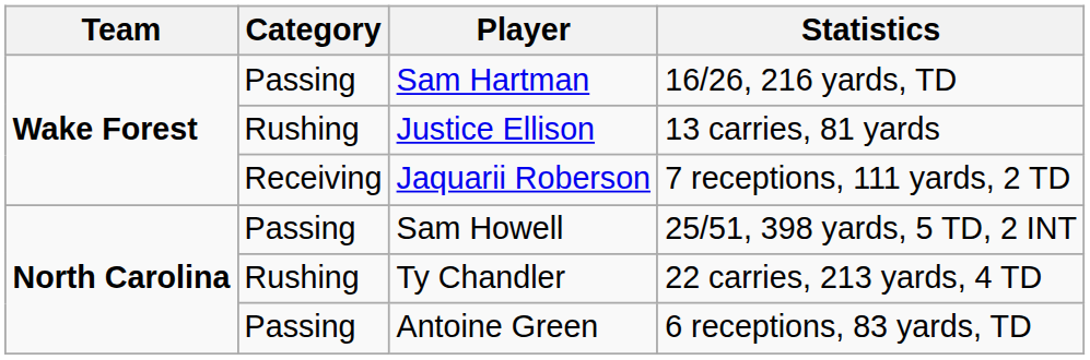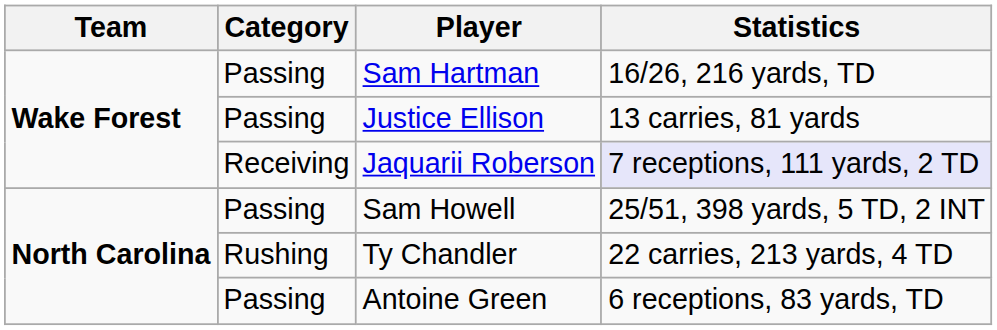 <table class="wikitable" style="float: left;">
 <tr>
 <th>Team</th>
 <th>Category</th>
 <th>Player</th>
 <th>Statistics</th>
 </tr>
 <tr>
 <td rowspan=3><strong>Wake Forest</strong></td>
 <td>Passing</td>
 <td><a href='#'>Sam Hartman</a></td>
 <td>16/26, 216 yards, TD</td>
 </tr>
 <tr>
-<td>Rushing</td>
+<td>Passing</td>
 <td><a href='#'>Justice Ellison</a></td>
 <td>13 carries, 81 yards</td>
 </tr>
 <tr>
 <td>Receiving</td>
 <td><a href='#'>Jaquarii Roberson</a></td>
-<td>7 receptions, 111 yards, 2 TD</td>
+<td style="background: lavender;">7 receptions, 111 yards, 2 TD</td>
 </tr>
 <tr>
 <td rowspan=3><strong>North Carolina</strong></td>
 <td>Passing</td>
 <td>Sam Howell</td>
 <td>25/51, 398 yards, 5 TD, 2 INT</td>
 </tr>
 <tr>
 <td>Rushing</td>
 <td>Ty Chandler</td>
 <td>22 carries, 213 yards, 4 TD</td>
 </tr>
 <tr>
 <td>Passing</td>
 <td>Antoine Green</td>
 <td>6 receptions, 83 yards, TD</td>
 </tr>
 </table>
